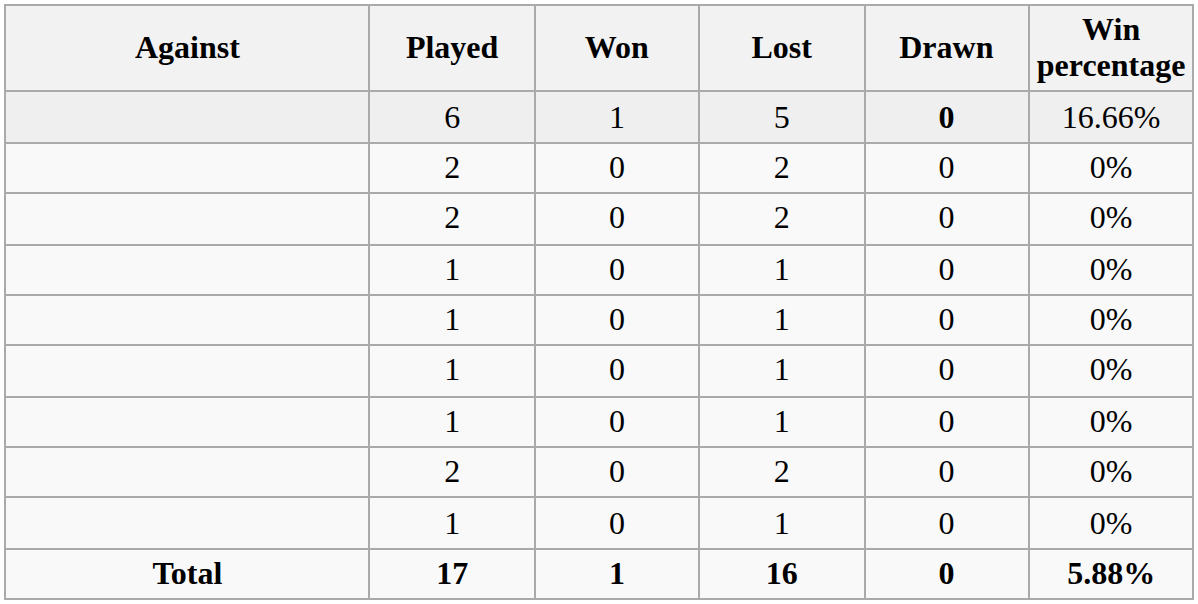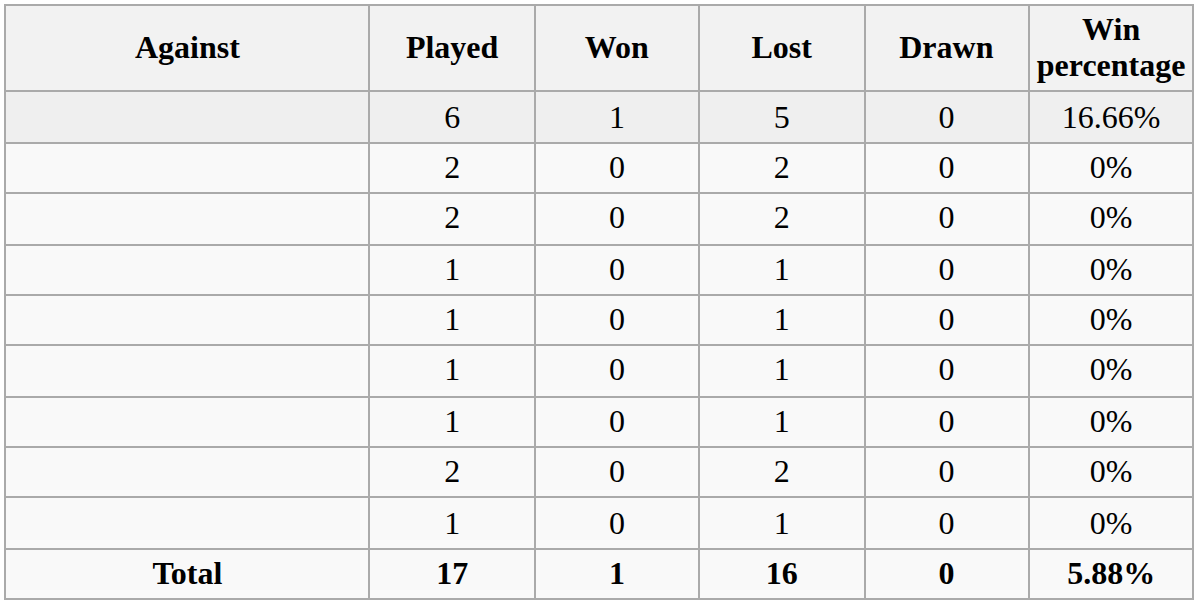 <table class="wikitable sortable" style="border:1px solid #CCCCCC">
 <tr>
 <th align="left" width="175" bgcolor="#CCCCCC">Against</th>
 <th align="center" width="75" bgcolor="#CCCCCC">Played</th>
 <th align="center" width="75" bgcolor="#CCCCCC">Won</th>
 <th align="center" width="75" bgcolor="#CCCCCC">Lost</th>
 <th align="center" width="75" bgcolor="#CCCCCC">Drawn</th>
 <th align="center" width="75" bgcolor="#CCCCCC">Win percentage</th>
 </tr>
 <tr style="text-align:center; background:#efefef;">
 <td align="left"></td>
 <td>6</td>
 <td>1</td>
 <td>5</td>
-<td><strong>0</strong></td>
+<td>0</td>
 <td>16.66%</td>
 </tr>
 <tr style="text-align:center;">
 <td align="left"></td>
 <td>2</td>
 <td>0</td>
 <td>2</td>
 <td>0</td>
 <td>0%</td>
 </tr>
 <tr style="text-align:center;">
 <td align="left"></td>
 <td>2</td>
 <td>0</td>
 <td>2</td>
 <td>0</td>
 <td>0%</td>
 </tr>
 <tr style="text-align:center;">
 <td align="left"></td>
 <td>1</td>
 <td>0</td>
 <td>1</td>
 <td>0</td>
 <td>0%</td>
 </tr>
 <tr style="text-align:center;">
 <td align="left"></td>
 <td>1</td>
 <td>0</td>
 <td>1</td>
 <td>0</td>
 <td>0%</td>
 </tr>
 <tr style="text-align:center;">
 <td align="left"></td>
 <td>1</td>
 <td>0</td>
 <td>1</td>
 <td>0</td>
 <td>0%</td>
 </tr>
 <tr style="text-align:center;">
 <td align="left"></td>
 <td>1</td>
 <td>0</td>
 <td>1</td>
 <td>0</td>
 <td>0%</td>
 </tr>
 <tr style="text-align:center;">
 <td align="left"></td>
 <td>2</td>
 <td>0</td>
 <td>2</td>
 <td>0</td>
 <td>0%</td>
 </tr>
 <tr style="text-align:center;">
 <td align="left"></td>
 <td>1</td>
 <td>0</td>
 <td>1</td>
 <td>0</td>
 <td>0%</td>
 </tr>
 <tr style="text-align:center;">
 </tr>
 <tr style="text-align:center; background:#efefef;">
 </tr>
 <tr style="text-align:center;">
 <td align="center"><strong>Total</strong></td>
 <td><strong>17</strong></td>
 <td><strong>1</strong></td>
 <td><strong>16</strong></td>
 <td><strong>0</strong></td>
 <td><strong>5.88%</strong></td>
 </tr>
 </table>
